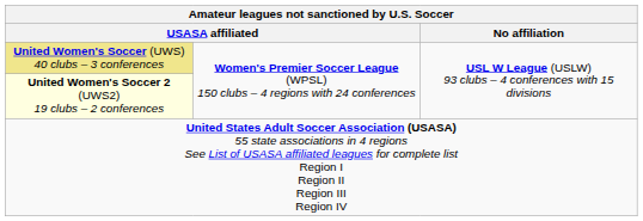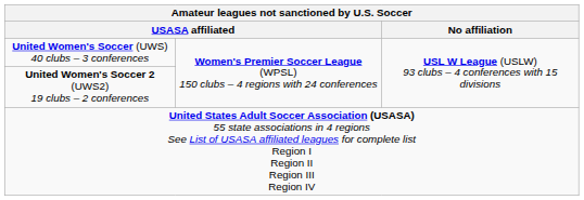 <table class="wikitable" style="text-align:center;">
 <tr>
 <th colspan="3">Amateur leagues not sanctioned by U.S. Soccer</th>
 </tr>
 <tr>
 <th colspan="2"><a href='#'>USASA</a> affiliated</th>
 <th style="text-align:center;">No affiliation</th>
 </tr>
 <tr>
-<td style="background: khaki;"><strong><a href='#'>United Women's Soccer</a></strong> (UWS)<br><em>40 clubs – 3 conferences</em></td>
+<td><strong><a href='#'>United Women's Soccer</a></strong> (UWS)<br><em>40 clubs – 3 conferences</em></td>
 <td rowspan="2"><strong><a href='#'>Women's Premier Soccer League</a></strong> (WPSL)<br><em>150 clubs – 4 regions with 24 conferences</em></td>
 <td rowspan="2"><strong><a href='#'>USL W League</a></strong> (USLW)<br><em>93 clubs – 4 conferences with 15 divisions</em></td>
 </tr>
 <tr>
-<td style="background: lightyellow;"><strong>United Women's Soccer 2</strong> (UWS2)<br><em>19 clubs – 2 conferences</em></td>
+<td><strong>United Women's Soccer 2</strong> (UWS2)<br><em>19 clubs – 2 conferences</em></td>
 </tr>
 <tr>
 <td colspan="3"><strong><a href='#'>United States Adult Soccer Association</a> (USASA)</strong><br><em>55 state associations in 4 regions</em><br><em>See <a href='#'>List of USASA affiliated leagues</a> for complete list</em><br>Region I<br>Region II<br>Region III<br>Region IV</td>
 </tr>
 </table>
